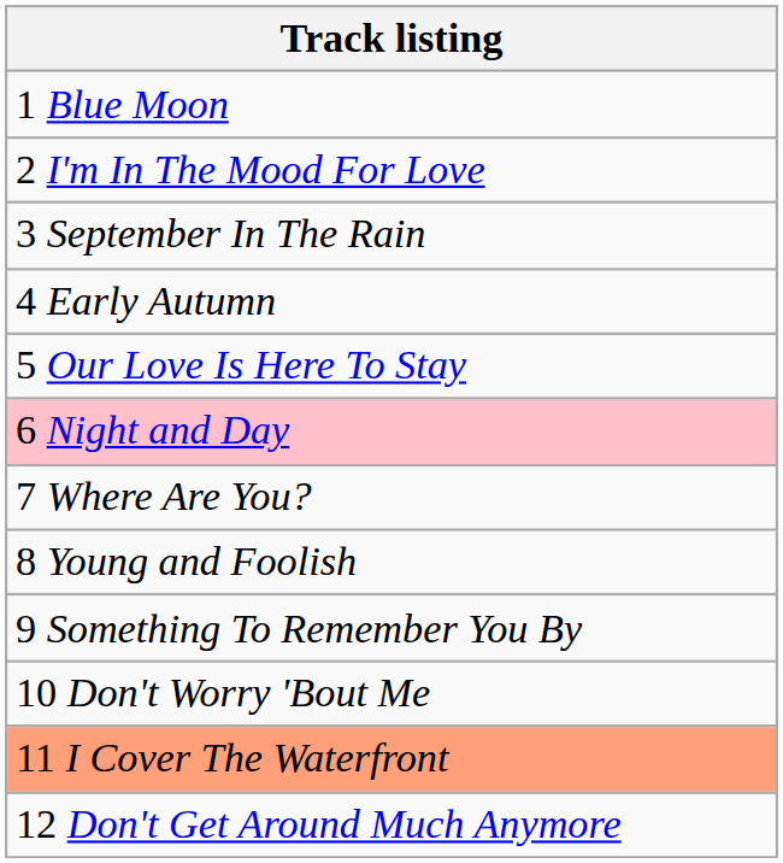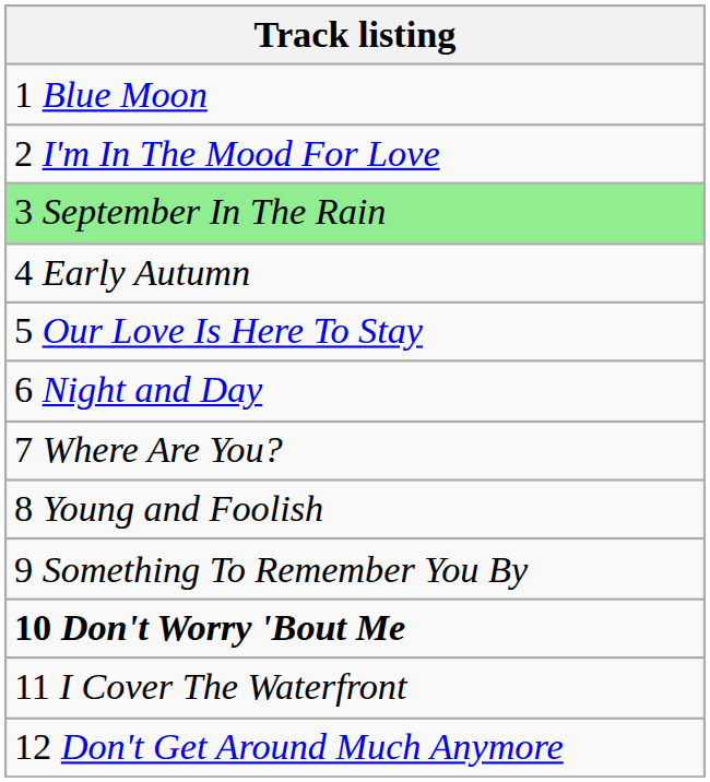 <table class="wikitable collapsible collapsed" style="width:300px;">
 <tr>
 <th>Track listing</th>
 </tr>
 <tr>
 <td>1 <em><a href='#'>Blue Moon</a></em></td>
 </tr>
 <tr>
 <td>2 <em><a href='#'>I'm In The Mood For Love</a></em></td>
 </tr>
 <tr>
-<td>3 <em>September In The Rain</em></td>
+<td style="background: lightgreen;">3 <em>September In The Rain</em></td>
 </tr>
 <tr>
 <td>4 <em>Early Autumn</em></td>
 </tr>
 <tr>
 <td>5 <em><a href='#'>Our Love Is Here To Stay</a></em></td>
 </tr>
 <tr>
-<td style="background: pink;">6 <em><a href='#'>Night and Day</a></em></td>
+<td>6 <em><a href='#'>Night and Day</a></em></td>
 </tr>
 <tr>
 <td>7 <em>Where Are You?</em></td>
 </tr>
 <tr>
 <td>8 <em>Young and Foolish</em></td>
 </tr>
 <tr>
 <td>9 <em>Something To Remember You By</em></td>
 </tr>
 <tr>
-<td>10 <em>Don't Worry 'Bout Me</em></td>
+<td><strong>10 <em>Don't Worry 'Bout Me</em></strong></td>
 </tr>
 <tr>
-<td style="background: lightsalmon;">11 <em>I Cover The Waterfront</em></td>
+<td>11 <em>I Cover The Waterfront</em></td>
 </tr>
 <tr>
 <td>12 <em><a href='#'>Don't Get Around Much Anymore</a></em></td>
 </tr>
 </table>
